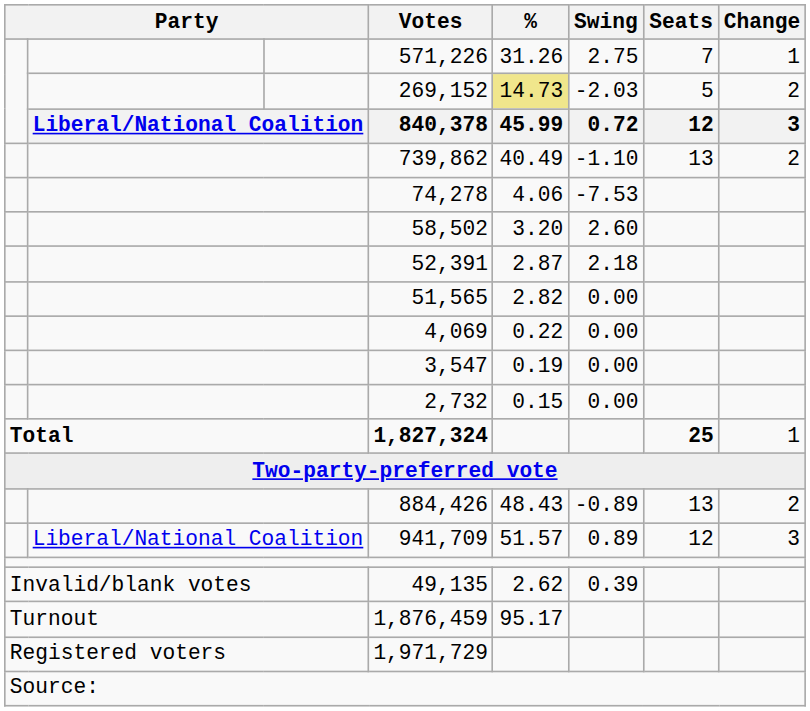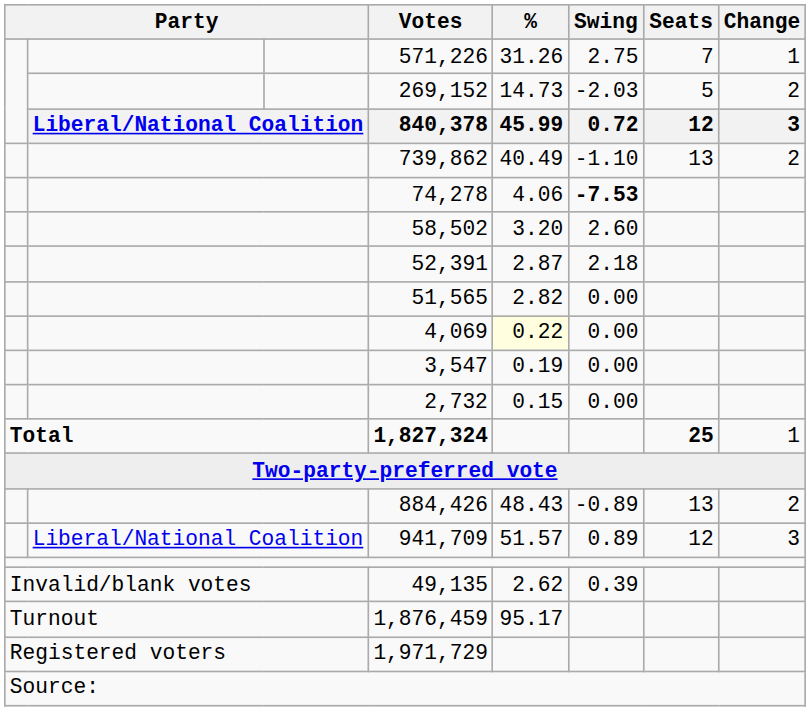 <table class="wikitable">
 <tr>
 <th colspan="3" style="width:200px"><strong>Party</strong></th>
 <th style="width:70px; text-align:center;"><strong>Votes</strong></th>
 <th style="width:40px; text-align:center;"><strong>%</strong></th>
 <th style="width:40px; text-align:center;"><strong>Swing</strong></th>
 <th style="width:40px; text-align:center;"><strong>Seats</strong></th>
 <th style="width:40px; text-align:center;"><strong>Change</strong></th>
 </tr>
 <tr>
 <td rowspan="3"> </td>
 <td> </td>
 <td></td>
 <td align=right>571,226</td>
 <td align=right>31.26</td>
 <td align=right>2.75</td>
 <td align=right>7</td>
 <td align=right> 1</td>
 </tr>
 <tr>
 <td> </td>
 <td></td>
 <td align=right>269,152</td>
-<td align=right style="background: khaki;">14.73</td>
+<td align=right>14.73</td>
 <td align=right>-2.03</td>
 <td align=right>5</td>
 <td align=right> 2</td>
 </tr>
 <tr>
 <th colspan="2" style="text-align:left;"><a href='#'>Liberal/National Coalition</a></th>
 <th style="text-align:right;">840,378</th>
 <th style="text-align:right;">45.99</th>
 <th style="text-align:right;">0.72</th>
 <th style="text-align:right;">12</th>
 <th style="text-align:right;"> 3</th>
 </tr>
 <tr>
 <td> </td>
 <td colspan=2></td>
 <td align=right>739,862</td>
 <td align=right>40.49</td>
 <td align=right>-1.10</td>
 <td align=right>13</td>
 <td align=right> 2</td>
 </tr>
 <tr>
 <td> </td>
 <td colspan="2"></td>
 <td align="right">74,278</td>
 <td align="right">4.06</td>
-<td align="right">-7.53</td>
+<td align="right"><strong>-7.53</strong></td>
 <td align="right"></td>
 <td align="right"></td>
 </tr>
 <tr>
 <td> </td>
 <td colspan="2"></td>
 <td align="right">58,502</td>
 <td align="right">3.20</td>
 <td align="right">2.60</td>
 <td align="right"></td>
 <td align="right"></td>
 </tr>
 <tr>
 <td> </td>
 <td colspan=2></td>
 <td align=right>52,391</td>
 <td align=right>2.87</td>
 <td align=right>2.18</td>
 <td align=right></td>
 <td align=right></td>
 </tr>
 <tr>
 <td> </td>
 <td colspan=2></td>
 <td align=right>51,565</td>
 <td align=right>2.82</td>
 <td align=right>0.00</td>
 <td align=right></td>
 <td align=right></td>
 </tr>
 <tr>
 <td> </td>
 <td colspan="2"></td>
 <td align="right">4,069</td>
-<td align="right">0.22</td>
+<td align="right" style="background: lightyellow;">0.22</td>
 <td align="right">0.00</td>
 <td align="right"></td>
 <td align="right"></td>
 </tr>
 <tr>
 <td> </td>
 <td colspan=2></td>
 <td align=right>3,547</td>
 <td align=right>0.19</td>
 <td align=right>0.00</td>
 <td align=right></td>
 <td align=right></td>
 </tr>
 <tr>
 <td> </td>
 <td colspan=2></td>
 <td align=right>2,732</td>
 <td align=right>0.15</td>
 <td align=right>0.00</td>
 <td align=right></td>
 <td align=right></td>
 </tr>
 <tr>
 <td colspan="3" align="left"><strong>Total</strong></td>
 <td align=right><strong>1,827,324</strong></td>
 <td align=right></td>
 <td align=right></td>
 <td align=right><strong>25</strong></td>
 <td align=right> 1</td>
 </tr>
 <tr>
 <td colspan="8" style="text-align:center; background:#eee;"><strong><a href='#'>Two-party-preferred vote</a></strong></td>
 </tr>
 <tr>
 <td> </td>
 <td colspan=2></td>
 <td align=right>884,426</td>
 <td align=right>48.43</td>
 <td align=right>-0.89</td>
 <td align=right>13</td>
 <td align=right> 2</td>
 </tr>
 <tr>
 <td> </td>
 <td colspan=2><a href='#'>Liberal/National Coalition</a></td>
 <td align=right>941,709</td>
 <td align=right>51.57</td>
 <td align=right>0.89</td>
 <td align=right>12</td>
 <td align=right> 3</td>
 </tr>
 <tr>
 <td colspan="8"></td>
 </tr>
 <tr>
 <td colspan="3" style="text-align:left;">Invalid/blank votes</td>
 <td align=right>49,135</td>
 <td align=right>2.62</td>
 <td align=right>0.39</td>
 <td></td>
 <td></td>
 </tr>
 <tr>
 <td colspan="3" style="text-align:left;">Turnout</td>
 <td align=right>1,876,459</td>
 <td align=right>95.17</td>
 <td></td>
 <td></td>
 <td></td>
 </tr>
 <tr>
 <td colspan="3" style="text-align:left;">Registered voters</td>
 <td align=right>1,971,729</td>
 <td></td>
 <td></td>
 <td></td>
 <td></td>
 </tr>
 <tr>
 <td colspan="8" align="left">Source: </td>
 </tr>
 </table>
